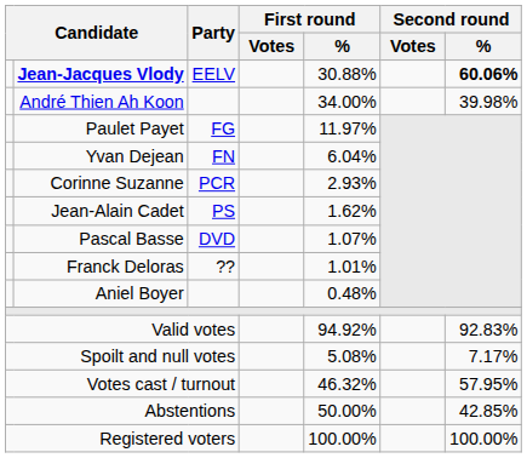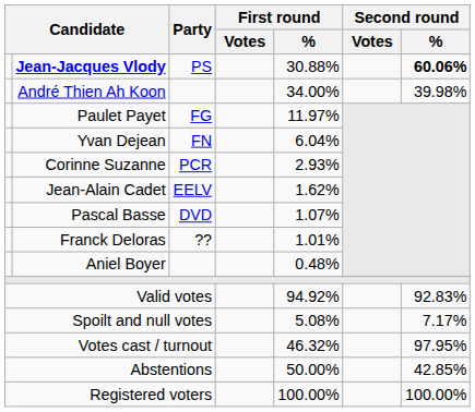 <table class="wikitable" style="text-align:right;font-size:95%;">
 <tr>
 <th rowspan=2 colspan=2>Candidate</th>
 <th rowspan=2 colspan=1>Party</th>
 <th colspan=2>First round</th>
 <th colspan=2>Second round</th>
 </tr>
 <tr>
 <th style="width:50px;">Votes</th>
 <th style="width:55px;">%</th>
 <th style="width:50px;">Votes</th>
 <th style="width:55px;">%</th>
 </tr>
 <tr>
 <td style="color:inherit;background-color:"></td>
 <td><strong><a href='#'>Jean-Jacques Vlody</a></strong></td>
-<td><a href='#'>EELV</a></td>
+<td><a href='#'>PS</a></td>
 <td></td>
 <td>30.88%</td>
 <td><strong></strong></td>
 <td><strong>60.06%</strong></td>
 </tr>
 <tr>
 <td style="background-color:;"></td>
 <td><a href='#'>André Thien Ah Koon</a></td>
 <td></td>
 <td></td>
 <td>34.00%</td>
 <td></td>
 <td>39.98%</td>
 </tr>
 <tr>
 <td style="color:inherit;background-color:"></td>
 <td>Paulet Payet</td>
 <td><a href='#'>FG</a></td>
 <td></td>
 <td>11.97%</td>
 <td colspan=7 rowspan=7 style="background-color:#E9E9E9;"></td>
 </tr>
 <tr>
 <td style="color:inherit;background-color:"></td>
 <td>Yvan Dejean</td>
 <td><a href='#'>FN</a></td>
 <td></td>
 <td>6.04%</td>
 </tr>
 <tr>
 <td style="color:inherit;background-color:"></td>
 <td>Corinne Suzanne</td>
 <td><a href='#'>PCR</a></td>
 <td></td>
 <td>2.93%</td>
 </tr>
 <tr>
 <td style="color:inherit;background-color:"></td>
 <td>Jean-Alain Cadet</td>
-<td><a href='#'>PS</a></td>
+<td><a href='#'>EELV</a></td>
 <td></td>
 <td>1.62%</td>
 </tr>
 <tr>
 <td style="color:inherit;background-color:"></td>
 <td>Pascal Basse</td>
 <td><a href='#'>DVD</a></td>
 <td></td>
 <td>1.07%</td>
 </tr>
 <tr>
 <td style="background-color:;"></td>
 <td>Franck Deloras</td>
 <td>??</td>
 <td></td>
 <td>1.01%</td>
 </tr>
 <tr>
 <td style="background-color:;"></td>
 <td>Aniel Boyer</td>
 <td></td>
 <td></td>
 <td>0.48%</td>
 </tr>
 <tr>
 <td colspan=7 style="background-color:#E9E9E9;"></td>
 </tr>
 <tr>
 <td colspan=3>Valid votes</td>
 <td></td>
 <td>94.92%</td>
 <td></td>
 <td>92.83%</td>
 </tr>
 <tr>
 <td colspan=3>Spoilt and null votes</td>
 <td></td>
 <td>5.08%</td>
 <td></td>
 <td>7.17%</td>
 </tr>
 <tr>
 <td colspan=3>Votes cast / turnout</td>
 <td></td>
 <td>46.32%</td>
 <td></td>
-<td>57.95%</td>
+<td>97.95%</td>
 </tr>
 <tr>
 <td colspan=3>Abstentions</td>
 <td></td>
 <td>50.00%</td>
 <td></td>
 <td>42.85%</td>
 </tr>
 <tr>
 <td colspan=3>Registered voters</td>
 <td></td>
 <td>100.00%</td>
 <td></td>
 <td>100.00%</td>
 </tr>
 </table>
